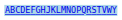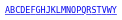 <table id="toc" class="toc" summary="Class">
 <tr>
 <th></th>
 </tr>
 <tr>
-<td style="background: lightblue;"><a href='#'>A</a><a href='#'>B</a><a href='#'>C</a><a href='#'>D</a><a href='#'>E</a><a href='#'>F</a><a href='#'>G</a><a href='#'>H</a><a href='#'>J</a><a href='#'>K</a><a href='#'>L</a><a href='#'>M</a><a href='#'>N</a><a href='#'>O</a><a href='#'>P</a><a href='#'>Q</a><a href='#'>R</a><a href='#'>S</a><a href='#'>T</a><a href='#'>V</a><a href='#'>W</a><a href='#'>Y</a></td>
+<td><a href='#'>A</a><a href='#'>B</a><a href='#'>C</a><a href='#'>D</a><a href='#'>E</a><a href='#'>F</a><a href='#'>G</a><a href='#'>H</a><a href='#'>J</a><a href='#'>K</a><a href='#'>L</a><a href='#'>M</a><a href='#'>N</a><a href='#'>O</a><a href='#'>P</a><a href='#'>Q</a><a href='#'>R</a><a href='#'>S</a><a href='#'>T</a><a href='#'>V</a><a href='#'>W</a><a href='#'>Y</a></td>
 </tr>
 </table>
